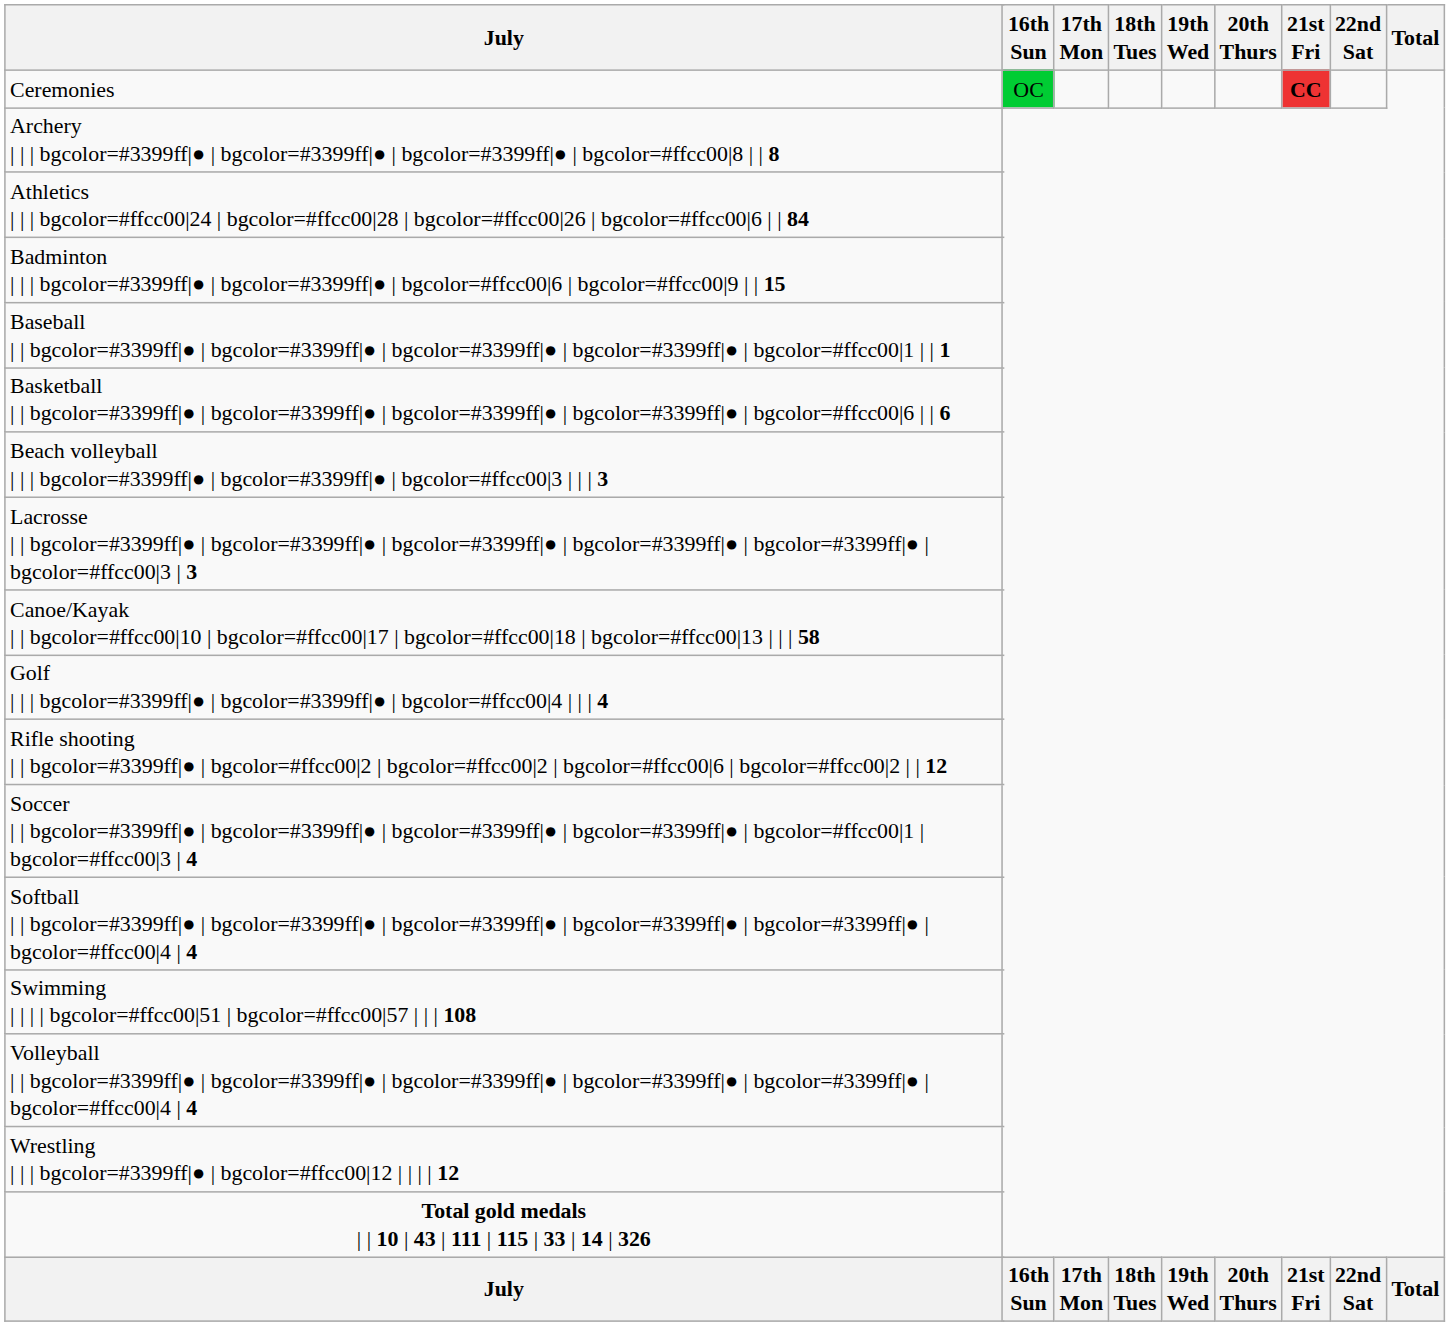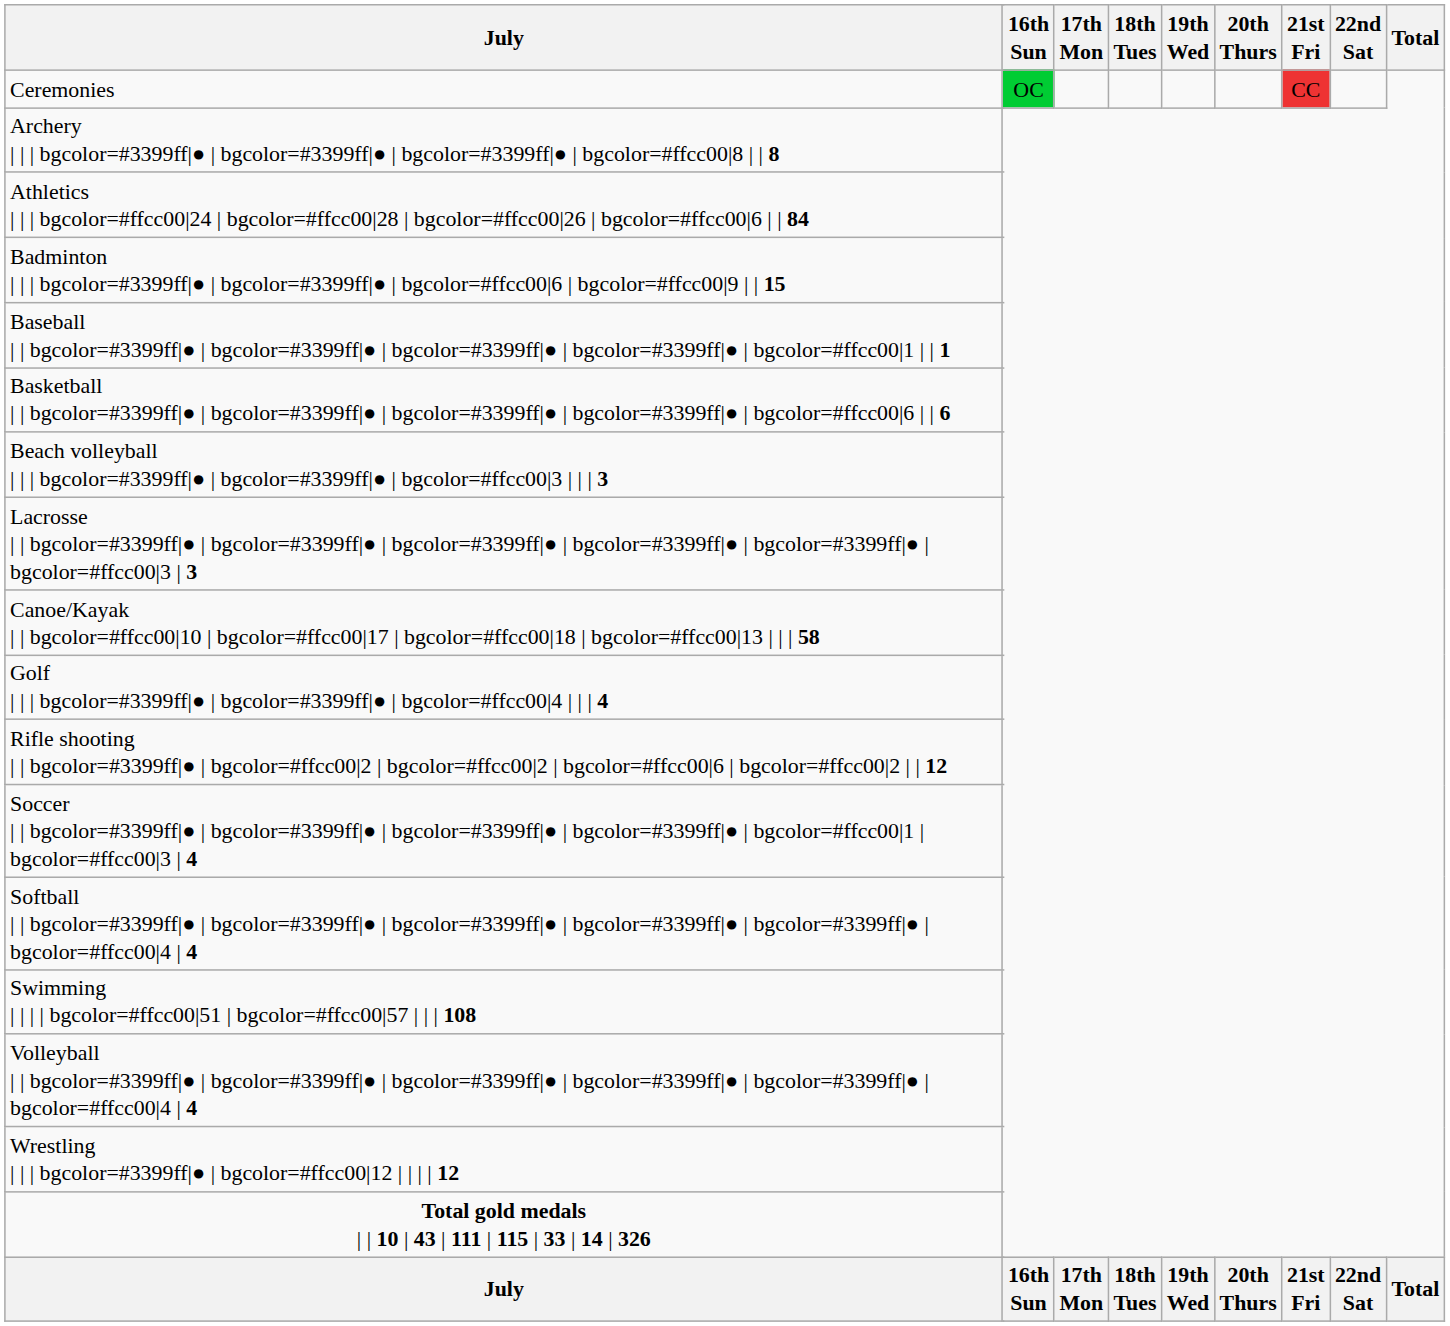 <table class="wikitable" style="margin:0.5em auto; font-size:90%; line-height:1.25em;" width=75%>
 <tr>
 <th colspan=2>July</th>
 <th>16th<br>Sun</th>
 <th>17th<br>Mon</th>
 <th>18th<br>Tues</th>
 <th>19th<br>Wed</th>
 <th>20th<br>Thurs</th>
 <th>21st<br>Fri</th>
 <th>22nd <br> Sat</th>
 <th>Total</th>
 </tr>
 <tr>
 <td colspan=2>Ceremonies</td>
 <td bgcolor=#00cc33 align=center>OC</td>
 <td></td>
 <td></td>
 <td></td>
 <td></td>
-<td bgcolor=#ee3333 align=center><strong>CC</strong></td>
+<td bgcolor=#ee3333 align=center>CC</td>
 <td></td>
 </tr>
 <tr align="center">
 <td colspan=2 align="left"> Archery<br>|  |   | bgcolor=#3399ff|● | bgcolor=#3399ff|● | bgcolor=#3399ff|● | bgcolor=#ffcc00|8 |  | <strong>8</strong></td>
 </tr>
 <tr align="center">
 <td colspan=2 align="left"> Athletics<br>|  |  | bgcolor=#ffcc00|24 | bgcolor=#ffcc00|28 | bgcolor=#ffcc00|26 | bgcolor=#ffcc00|6 |  | <strong>84</strong></td>
 </tr>
 <tr align="center">
 <td colspan=2 align="left"> Badminton<br>|  |  | bgcolor=#3399ff|● | bgcolor=#3399ff|● | bgcolor=#ffcc00|6 | bgcolor=#ffcc00|9 |  | <strong>15</strong></td>
 </tr>
 <tr align="center">
 <td colspan=2 align="left"> Baseball<br>|  | bgcolor=#3399ff|● | bgcolor=#3399ff|● | bgcolor=#3399ff|● | bgcolor=#3399ff|● | bgcolor=#ffcc00|1  |  | <strong>1</strong></td>
 </tr>
 <tr align="center">
 <td colspan=2 align="left"> Basketball<br>|  | bgcolor=#3399ff|● | bgcolor=#3399ff|● | bgcolor=#3399ff|● | bgcolor=#3399ff|● | bgcolor=#ffcc00|6 |  | <strong>6</strong></td>
 </tr>
 <tr align="center">
 <td colspan=2 align="left"> Beach volleyball<br>|  |  | bgcolor=#3399ff|● | bgcolor=#3399ff|● | bgcolor=#ffcc00|3 |  |  | <strong>3</strong></td>
 </tr>
 <tr align="center">
 <td colspan=2 align="left"> Lacrosse<br>|  | bgcolor=#3399ff|● | bgcolor=#3399ff|● | bgcolor=#3399ff|● | bgcolor=#3399ff|● | bgcolor=#3399ff|● | bgcolor=#ffcc00|3 | <strong>3</strong></td>
 </tr>
 <tr align="center">
 <td colspan=2 align="left"> Canoe/Kayak<br>|  | bgcolor=#ffcc00|10 | bgcolor=#ffcc00|17 | bgcolor=#ffcc00|18 | bgcolor=#ffcc00|13 |  |  | <strong>58</strong></td>
 </tr>
 <tr align="center">
 <td colspan=2 align="left"> Golf<br>|  |  | bgcolor=#3399ff|● | bgcolor=#3399ff|● | bgcolor=#ffcc00|4 |  |  | <strong>4</strong></td>
 </tr>
 <tr align="center">
 <td colspan=2 align="left"> Rifle shooting<br>|  | bgcolor=#3399ff|● | bgcolor=#ffcc00|2 | bgcolor=#ffcc00|2 | bgcolor=#ffcc00|6 | bgcolor=#ffcc00|2 |  | <strong>12</strong></td>
 </tr>
 <tr align="center">
 <td colspan=2 align="left"> Soccer<br>|  | bgcolor=#3399ff|● | bgcolor=#3399ff|● | bgcolor=#3399ff|● | bgcolor=#3399ff|● | bgcolor=#ffcc00|1 | bgcolor=#ffcc00|3  | <strong>4</strong></td>
 </tr>
 <tr align="center">
 <td colspan=2 align="left"> Softball<br>|  | bgcolor=#3399ff|● | bgcolor=#3399ff|● | bgcolor=#3399ff|● | bgcolor=#3399ff|● | bgcolor=#3399ff|● | bgcolor=#ffcc00|4  | <strong>4</strong></td>
 </tr>
 <tr align="center">
 <td colspan=2 align="left"> Swimming<br>|  |   |   | bgcolor=#ffcc00|51 | bgcolor=#ffcc00|57 |  |  | <strong>108</strong></td>
 </tr>
 <tr align="center">
 <td colspan=2 align="left"> Volleyball<br>|  | bgcolor=#3399ff|●  | bgcolor=#3399ff|●  | bgcolor=#3399ff|●  | bgcolor=#3399ff|● | bgcolor=#3399ff|● | bgcolor=#ffcc00|4 | <strong>4</strong></td>
 </tr>
 <tr align="center">
 <td colspan=2 align="left"> Wrestling<br>|  |   | bgcolor=#3399ff|● | bgcolor=#ffcc00|12 |  |  |  | <strong>12</strong></td>
 </tr>
 <tr align="center">
 <td colspan=2><strong>Total gold medals</strong><br>|  | <strong>10</strong> | <strong>43</strong> | <strong>111</strong> | <strong>115</strong> | <strong>33</strong> | <strong>14</strong> | <strong>326</strong></td>
 </tr>
 <tr>
 <th colspan=2>July</th>
 <th>16th<br>Sun</th>
 <th>17th<br>Mon</th>
 <th>18th<br>Tues</th>
 <th>19th<br>Wed</th>
 <th>20th<br>Thurs</th>
 <th>21st<br>Fri</th>
 <th>22nd <br> Sat</th>
 <th>Total</th>
 </tr>
 </table>
